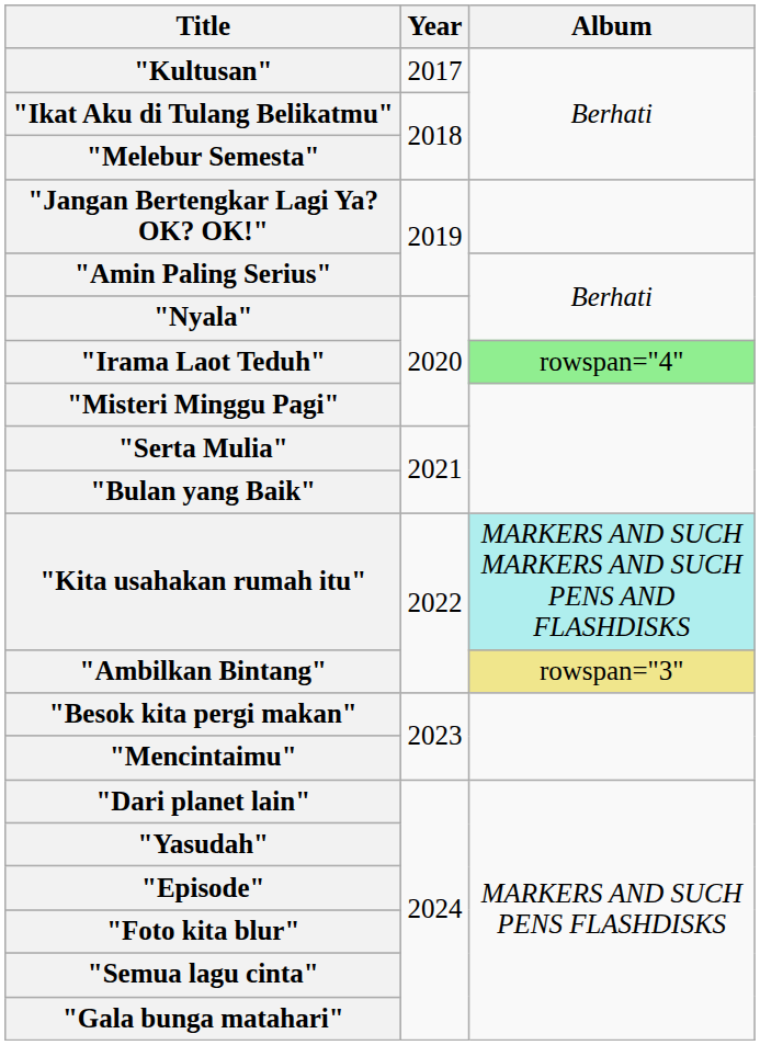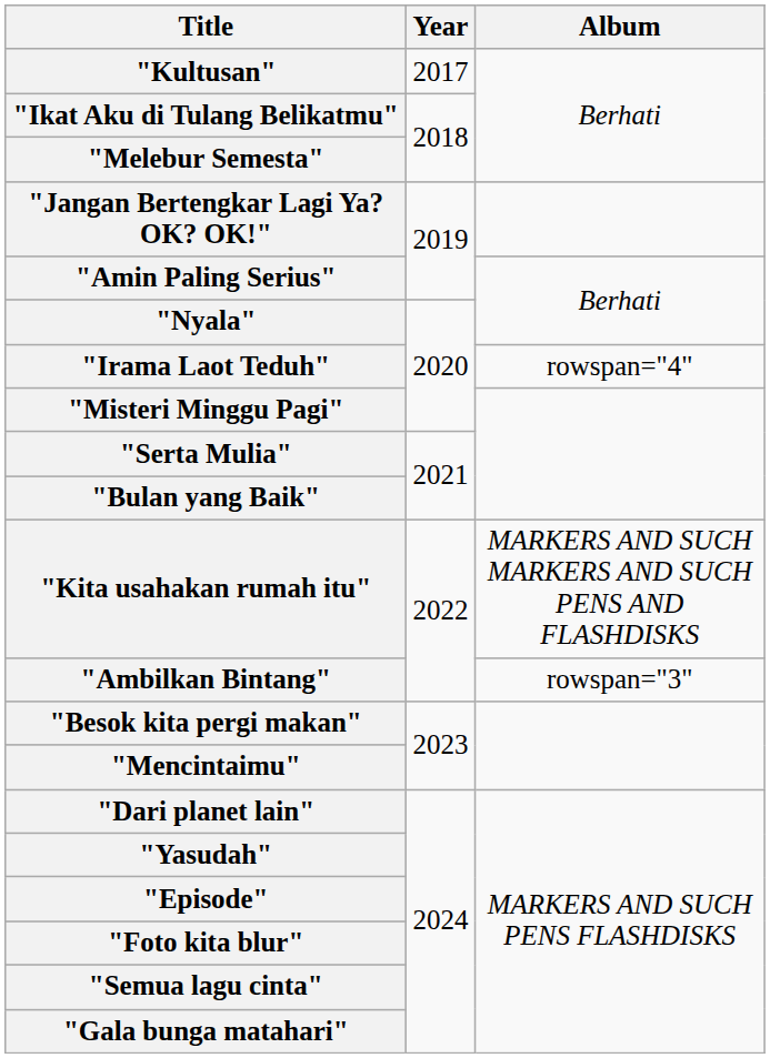 <table class="wikitable plainrowheaders" style="text-align:center;">
 <tr>
 <th scope="col" style="width:14em;">Title</th>
 <th scope="col">Year</th>
 <th scope="col" style="width:10em;">Album</th>
 </tr>
 <tr>
 <th scope="row">"Kultusan"</th>
 <td>2017</td>
 <td rowspan="3"><em>Berhati</em></td>
 </tr>
 <tr>
 <th scope="row">"Ikat Aku di Tulang Belikatmu"</th>
 <td rowspan="2">2018</td>
 </tr>
 <tr>
 <th scope="row">"Melebur Semesta"</th>
 </tr>
 <tr>
 <th scope="row">"Jangan Bertengkar Lagi Ya? OK? OK!"</th>
 <td rowspan="2">2019</td>
 <td></td>
 </tr>
 <tr>
 <th scope="row">"Amin Paling Serius"<br></th>
 <td rowspan="2"><em>Berhati</em></td>
 </tr>
 <tr>
 <th scope="row">"Nyala"</th>
 <td rowspan="3">2020</td>
 </tr>
 <tr>
 <th scope="row">"Irama Laot Teduh"</th>
-<td style="background: lightgreen;">rowspan="4" </td>
+<td>rowspan="4" </td>
 </tr>
 <tr>
 <th scope="row">"Misteri Minggu Pagi"</th>
 </tr>
 <tr>
 <th scope="row">"Serta Mulia"</th>
 <td rowspan="2">2021</td>
 </tr>
 <tr>
 <th scope="row">"Bulan yang Baik"</th>
 </tr>
 <tr>
 <th scope="row">"Kita usahakan rumah itu"</th>
 <td rowspan="2">2022</td>
-<td style="background: paleturquoise;"><em>MARKERS AND SUCH</em><br><em>MARKERS AND SUCH PENS AND FLASHDISKS</em></td>
+<td><em>MARKERS AND SUCH</em><br><em>MARKERS AND SUCH PENS AND FLASHDISKS</em></td>
 </tr>
 <tr>
 <th scope="row">"Ambilkan Bintang"</th>
-<td style="background: khaki;">rowspan="3" </td>
+<td>rowspan="3" </td>
 </tr>
 <tr>
 <th scope="row">"Besok kita pergi makan"</th>
 <td rowspan="2">2023</td>
 </tr>
 <tr>
 <th scope="row">"Mencintaimu"</th>
 </tr>
 <tr>
 <th scope="row">"Dari planet lain"</th>
 <td rowspan="6">2024</td>
 <td rowspan="6"><em>MARKERS AND SUCH PENS FLASHDISKS</em></td>
 </tr>
 <tr>
 <th scope="row">"Yasudah"</th>
 </tr>
 <tr>
 <th scope="row">"Episode"</th>
 </tr>
 <tr>
 <th scope="row">"Foto kita blur"</th>
 </tr>
 <tr>
 <th scope="row">"Semua lagu cinta"</th>
 </tr>
 <tr>
 <th scope="row">"Gala bunga matahari"</th>
 </tr>
 </table>
